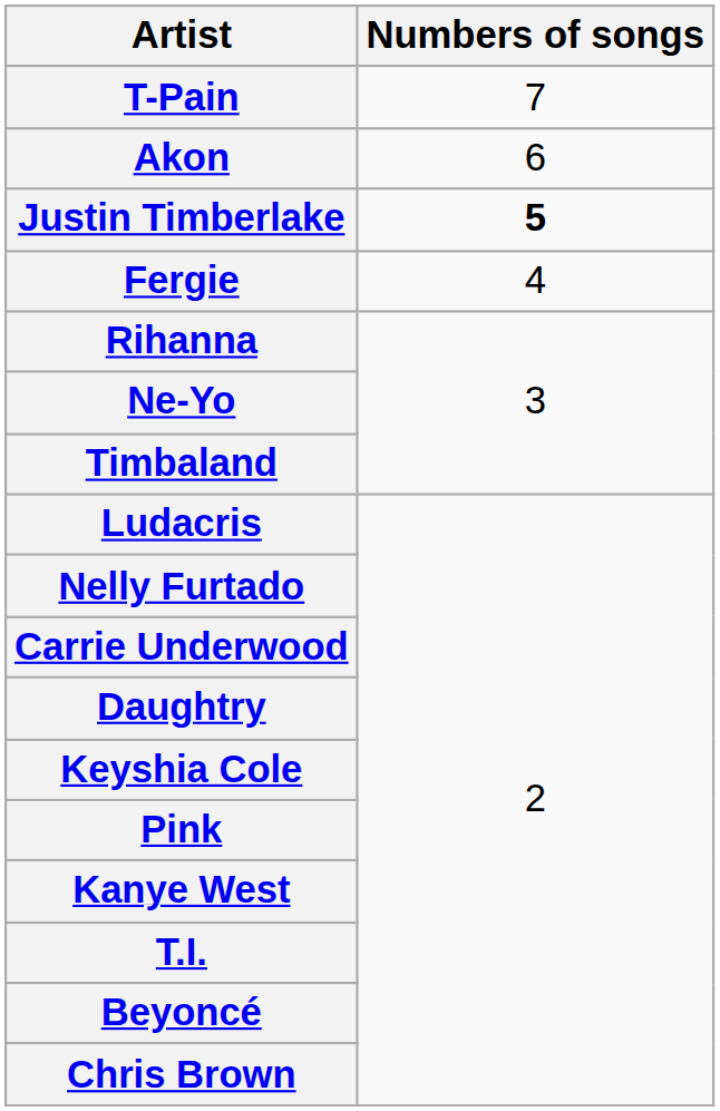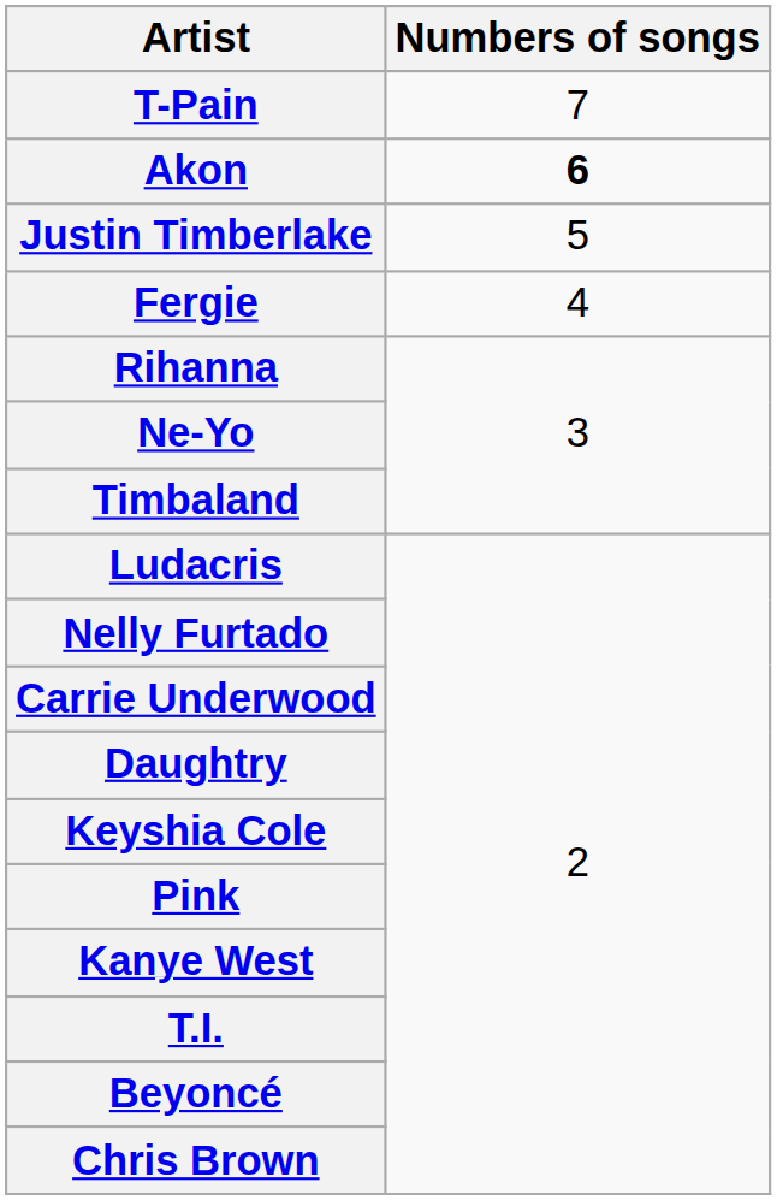 <table class="wikitable sortable plainrowheaders" style="text-align:center;">
 <tr>
 <th scope="col">Artist</th>
 <th scope="col">Numbers of songs</th>
 </tr>
 <tr>
 <th scope="row"><a href='#'>T-Pain</a></th>
 <td>7</td>
 </tr>
 <tr>
 <th scope="row"><a href='#'>Akon</a></th>
-<td>6</td>
+<td><strong>6</strong></td>
 </tr>
 <tr>
 <th scope="row"><a href='#'>Justin Timberlake</a></th>
-<td><strong>5</strong></td>
+<td>5</td>
 </tr>
 <tr>
 <th scope="row"><a href='#'>Fergie</a></th>
 <td>4</td>
 </tr>
 <tr>
 <th scope="row"><a href='#'>Rihanna</a></th>
 <td rowspan="3">3</td>
 </tr>
 <tr>
 <th scope="row"><a href='#'>Ne-Yo</a></th>
 </tr>
 <tr>
 <th scope="row"><a href='#'>Timbaland</a></th>
 </tr>
 <tr>
 <th scope="row"><a href='#'>Ludacris</a></th>
 <td rowspan="10">2</td>
 </tr>
 <tr>
 <th scope="row"><a href='#'>Nelly Furtado</a></th>
 </tr>
 <tr>
 <th scope="row"><a href='#'>Carrie Underwood</a></th>
 </tr>
 <tr>
 <th scope="row"><a href='#'>Daughtry</a></th>
 </tr>
 <tr>
 <th scope="row"><a href='#'>Keyshia Cole</a></th>
 </tr>
 <tr>
 <th scope="row"><a href='#'>Pink</a></th>
 </tr>
 <tr>
 <th scope="row"><a href='#'>Kanye West</a></th>
 </tr>
 <tr>
 <th scope="row"><a href='#'>T.I.</a></th>
 </tr>
 <tr>
 <th scope="row"><a href='#'>Beyoncé</a></th>
 </tr>
 <tr>
 <th scope="row"><a href='#'>Chris Brown</a></th>
 </tr>
 <tr>
 </tr>
 </table>
